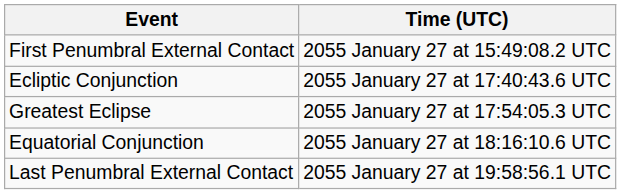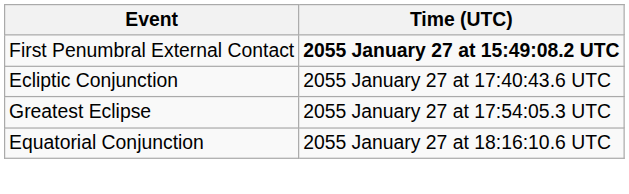 <table class="wikitable">
 <tr>
 <th>Event</th>
 <th>Time (UTC)</th>
 </tr>
 <tr>
 <td>First Penumbral External Contact</td>
-<td>2055 January 27 at 15:49:08.2 UTC</td>
+<td><strong>2055 January 27 at 15:49:08.2 UTC</strong></td>
 </tr>
 <tr>
 <td>Ecliptic Conjunction</td>
 <td>2055 January 27 at 17:40:43.6 UTC</td>
 </tr>
 <tr>
 <td>Greatest Eclipse</td>
 <td>2055 January 27 at 17:54:05.3 UTC</td>
 </tr>
 <tr>
 <td>Equatorial Conjunction</td>
 <td>2055 January 27 at 18:16:10.6 UTC</td>
 </tr>
-<tr>
-<td>Last Penumbral External Contact</td>
-<td>2055 January 27 at 19:58:56.1 UTC</td>
-</tr>
 </table>
